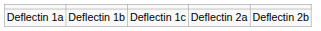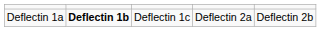 <table class="wikitable">
 <tr>
 <td></td>
 <td></td>
 <td></td>
 <td></td>
 <td></td>
 </tr>
 <tr>
 <td>Deflectin 1a</td>
-<td>Deflectin 1b</td>
+<td><strong>Deflectin 1b</strong></td>
 <td>Deflectin 1c</td>
 <td>Deflectin 2a</td>
 <td>Deflectin 2b</td>
 </tr>
 </table>
